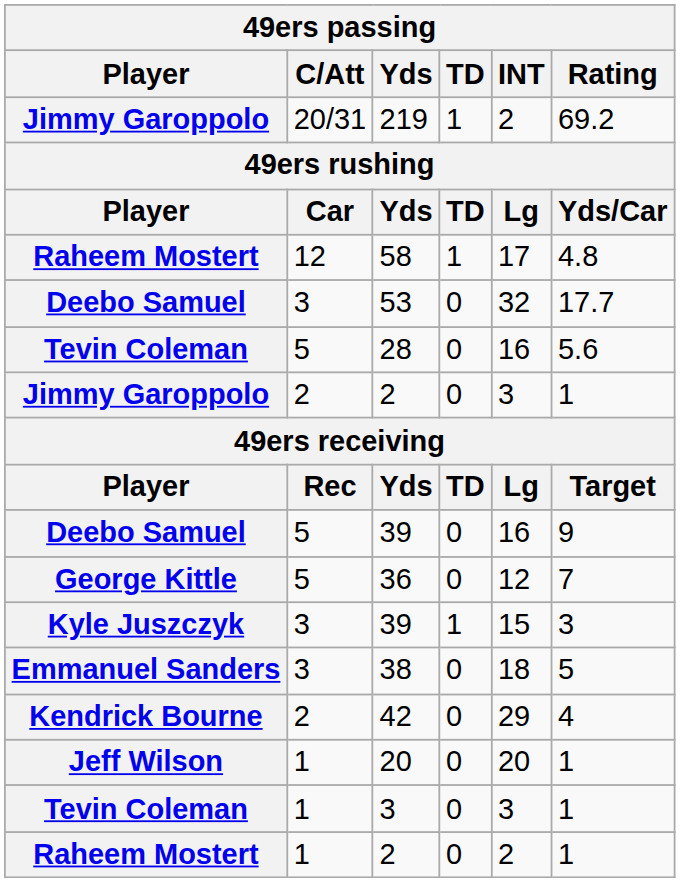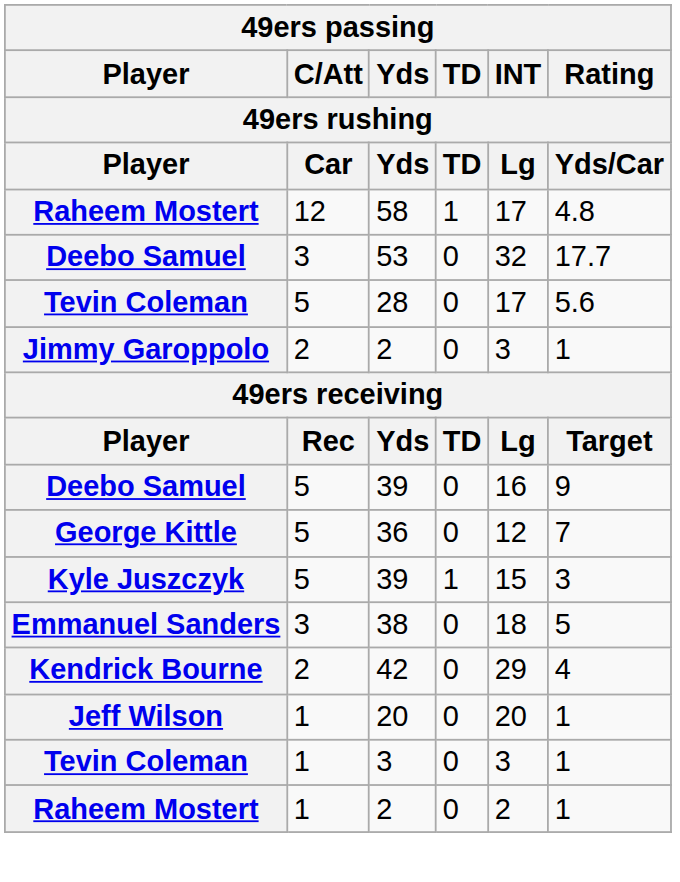 <table class="wikitable plainrowheaders">
 <tr>
 <th colspan="6">49ers passing</th>
 </tr>
 <tr>
 <th scope="col">Player</th>
 <th scope="col">C/Att</th>
 <th scope="col">Yds</th>
 <th scope="col">TD</th>
 <th scope="col">INT</th>
 <th scope="col">Rating</th>
-</tr>
-<tr>
-<th scope="row"><a href='#'>Jimmy Garoppolo</a></th>
-<td>20/31</td>
-<td>219</td>
-<td>1</td>
-<td>2</td>
-<td>69.2</td>
 </tr>
 <tr>
 <th colspan="6">49ers rushing</th>
 </tr>
 <tr>
 <th scope="col">Player</th>
 <th scope="col">Car</th>
 <th scope="col">Yds</th>
 <th scope="col">TD</th>
 <th scope="col">Lg</th>
 <th scope="col">Yds/Car</th>
 </tr>
 <tr>
 <th scope="row"><a href='#'>Raheem Mostert</a></th>
 <td>12</td>
 <td>58</td>
 <td>1</td>
 <td>17</td>
 <td>4.8</td>
 </tr>
 <tr>
 <th scope="row"><a href='#'>Deebo Samuel</a></th>
 <td>3</td>
 <td>53</td>
 <td>0</td>
 <td>32</td>
 <td>17.7</td>
 </tr>
 <tr>
 <th scope="row"><a href='#'>Tevin Coleman</a></th>
 <td>5</td>
 <td>28</td>
 <td>0</td>
-<td>16</td>
+<td>17</td>
 <td>5.6</td>
 </tr>
 <tr>
 <th scope="row"><a href='#'>Jimmy Garoppolo</a></th>
 <td>2</td>
 <td>2</td>
 <td>0</td>
 <td>3</td>
 <td>1</td>
 </tr>
 <tr>
 <th colspan="6">49ers receiving</th>
 </tr>
 <tr>
 <th scope="col">Player</th>
 <th scope="col">Rec</th>
 <th scope="col">Yds</th>
 <th scope="col">TD</th>
 <th scope="col">Lg</th>
 <th scope="col">Target</th>
 </tr>
 <tr>
 <th scope="row"><a href='#'>Deebo Samuel</a></th>
 <td>5</td>
 <td>39</td>
 <td>0</td>
 <td>16</td>
 <td>9</td>
 </tr>
 <tr>
 <th scope="row"><a href='#'>George Kittle</a></th>
 <td>5</td>
 <td>36</td>
 <td>0</td>
 <td>12</td>
 <td>7</td>
 </tr>
 <tr>
 <th scope="row"><a href='#'>Kyle Juszczyk</a></th>
-<td>3</td>
+<td>5</td>
 <td>39</td>
 <td>1</td>
 <td>15</td>
 <td>3</td>
 </tr>
 <tr>
 <th scope="row"><a href='#'>Emmanuel Sanders</a></th>
 <td>3</td>
 <td>38</td>
 <td>0</td>
 <td>18</td>
 <td>5</td>
 </tr>
 <tr>
 <th scope="row"><a href='#'>Kendrick Bourne</a></th>
 <td>2</td>
 <td>42</td>
 <td>0</td>
 <td>29</td>
 <td>4</td>
 </tr>
 <tr>
 <th scope="row"><a href='#'>Jeff Wilson</a></th>
 <td>1</td>
 <td>20</td>
 <td>0</td>
 <td>20</td>
 <td>1</td>
 </tr>
 <tr>
 <th scope="row"><a href='#'>Tevin Coleman</a></th>
 <td>1</td>
 <td>3</td>
 <td>0</td>
 <td>3</td>
 <td>1</td>
 </tr>
 <tr>
 <th scope="row"><a href='#'>Raheem Mostert</a></th>
 <td>1</td>
 <td>2</td>
 <td>0</td>
 <td>2</td>
 <td>1</td>
 </tr>
 </table>
